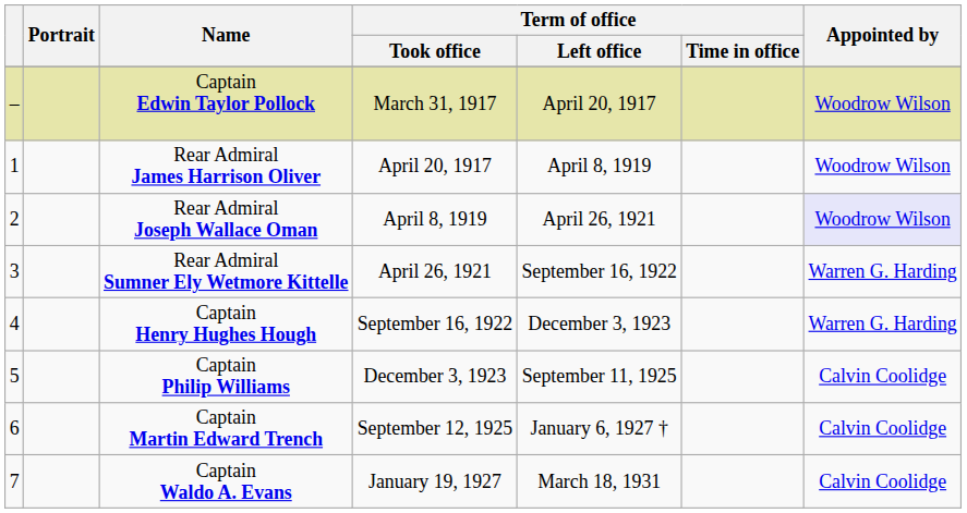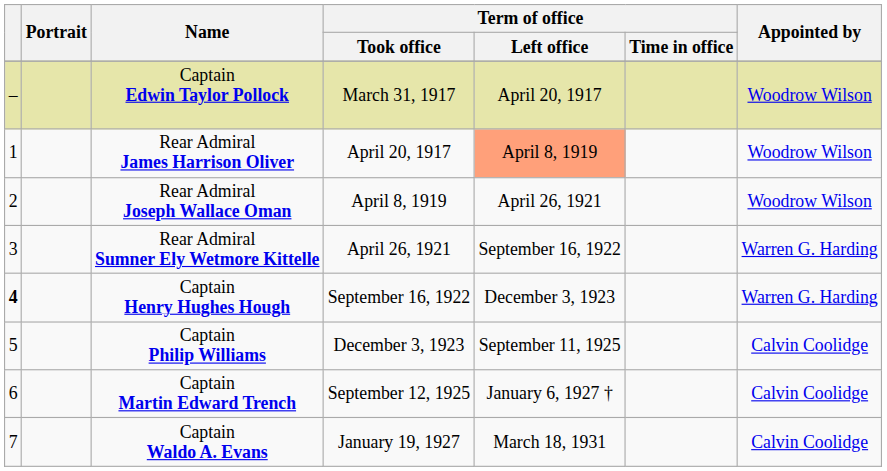 <table class="wikitable" style="text-align:center">
 <tr>
 <th rowspan=2></th>
 <th rowspan=2>Portrait</th>
 <th rowspan=2>Name<br></th>
 <th colspan=3>Term of office</th>
 <th rowspan=2>Appointed by</th>
 </tr>
 <tr>
 <th>Took office</th>
 <th>Left office</th>
 <th>Time in office</th>
 </tr>
 <tr>
 </tr>
 <tr style="background:#e6e6aa;">
 <td>–</td>
 <td></td>
 <td>Captain<br><strong><a href='#'>Edwin Taylor Pollock</a></strong><br> <br> </td>
 <td>March 31, 1917</td>
 <td>April 20, 1917</td>
 <td></td>
 <td><a href='#'>Woodrow Wilson</a></td>
 </tr>
 <tr>
 <td>1</td>
 <td></td>
 <td>Rear Admiral<br><strong><a href='#'>James Harrison Oliver</a></strong><br></td>
 <td>April 20, 1917</td>
-<td>April 8, 1919</td>
+<td style="background: lightsalmon;">April 8, 1919</td>
 <td></td>
 <td><a href='#'>Woodrow Wilson</a></td>
 </tr>
 <tr>
 <td>2</td>
 <td></td>
 <td>Rear Admiral<br><strong><a href='#'>Joseph Wallace Oman</a></strong><br></td>
 <td>April 8, 1919</td>
 <td>April 26, 1921</td>
 <td></td>
-<td style="background: lavender;"><a href='#'>Woodrow Wilson</a></td>
+<td><a href='#'>Woodrow Wilson</a></td>
 </tr>
 <tr>
 <td>3</td>
 <td></td>
 <td>Rear Admiral<br><strong><a href='#'>Sumner Ely Wetmore Kittelle</a></strong><br></td>
 <td>April 26, 1921</td>
 <td>September 16, 1922</td>
 <td></td>
 <td><a href='#'>Warren G. Harding</a></td>
 </tr>
 <tr>
-<td>4</td>
+<td><strong>4</strong></td>
 <td></td>
 <td>Captain<br><strong><a href='#'>Henry Hughes Hough</a></strong><br></td>
 <td>September 16, 1922</td>
 <td>December 3, 1923</td>
 <td></td>
 <td><a href='#'>Warren G. Harding</a></td>
 </tr>
 <tr>
 <td>5</td>
 <td></td>
 <td>Captain<br><strong><a href='#'>Philip Williams</a></strong><br></td>
 <td>December 3, 1923</td>
 <td>September 11, 1925</td>
 <td></td>
 <td><a href='#'>Calvin Coolidge</a></td>
 </tr>
 <tr>
 <td>6</td>
 <td></td>
 <td>Captain<br><strong><a href='#'>Martin Edward Trench</a></strong><br></td>
 <td>September 12, 1925</td>
 <td>January 6, 1927 †</td>
 <td></td>
 <td><a href='#'>Calvin Coolidge</a></td>
 </tr>
 <tr>
 <td>7</td>
 <td></td>
 <td>Captain<br><strong><a href='#'>Waldo A. Evans</a></strong><br></td>
 <td>January 19, 1927</td>
 <td>March 18, 1931</td>
 <td></td>
 <td><a href='#'>Calvin Coolidge</a></td>
 </tr>
 </table>
